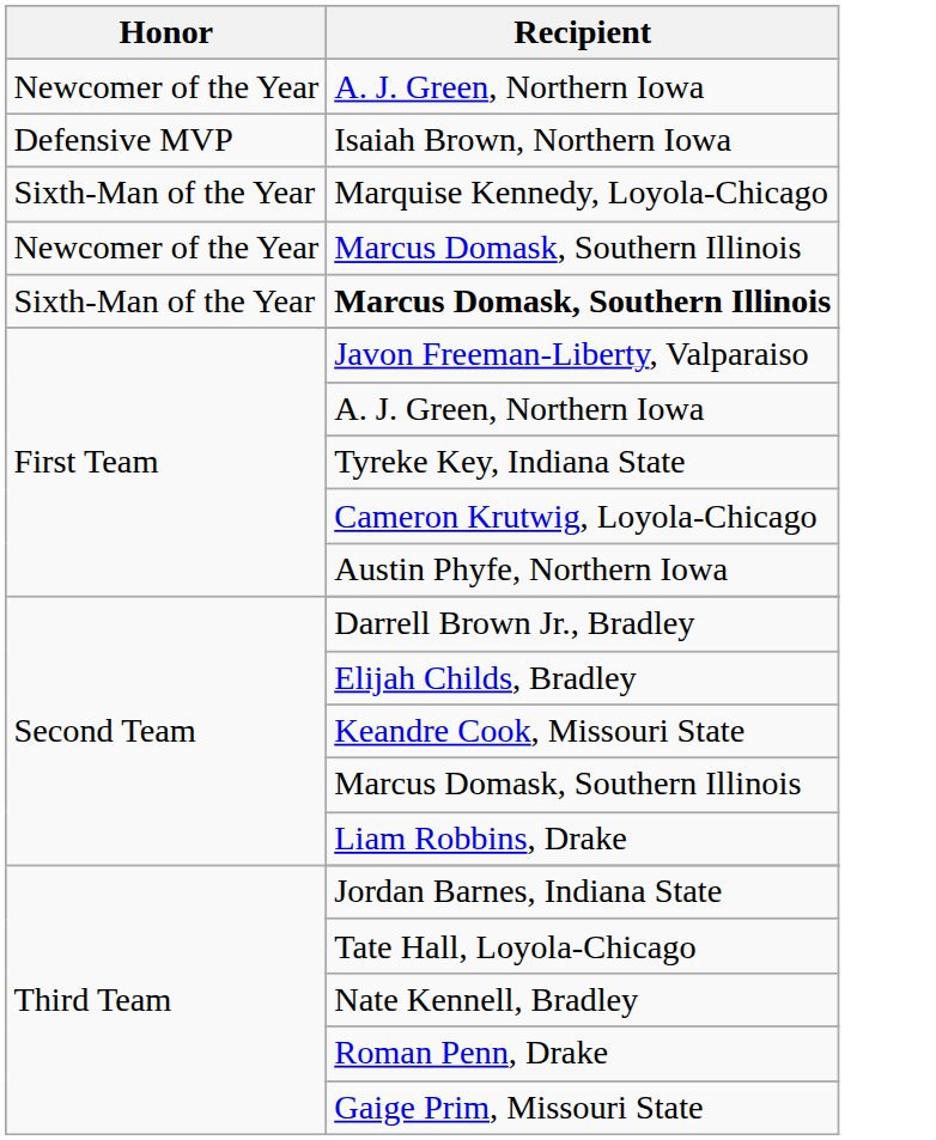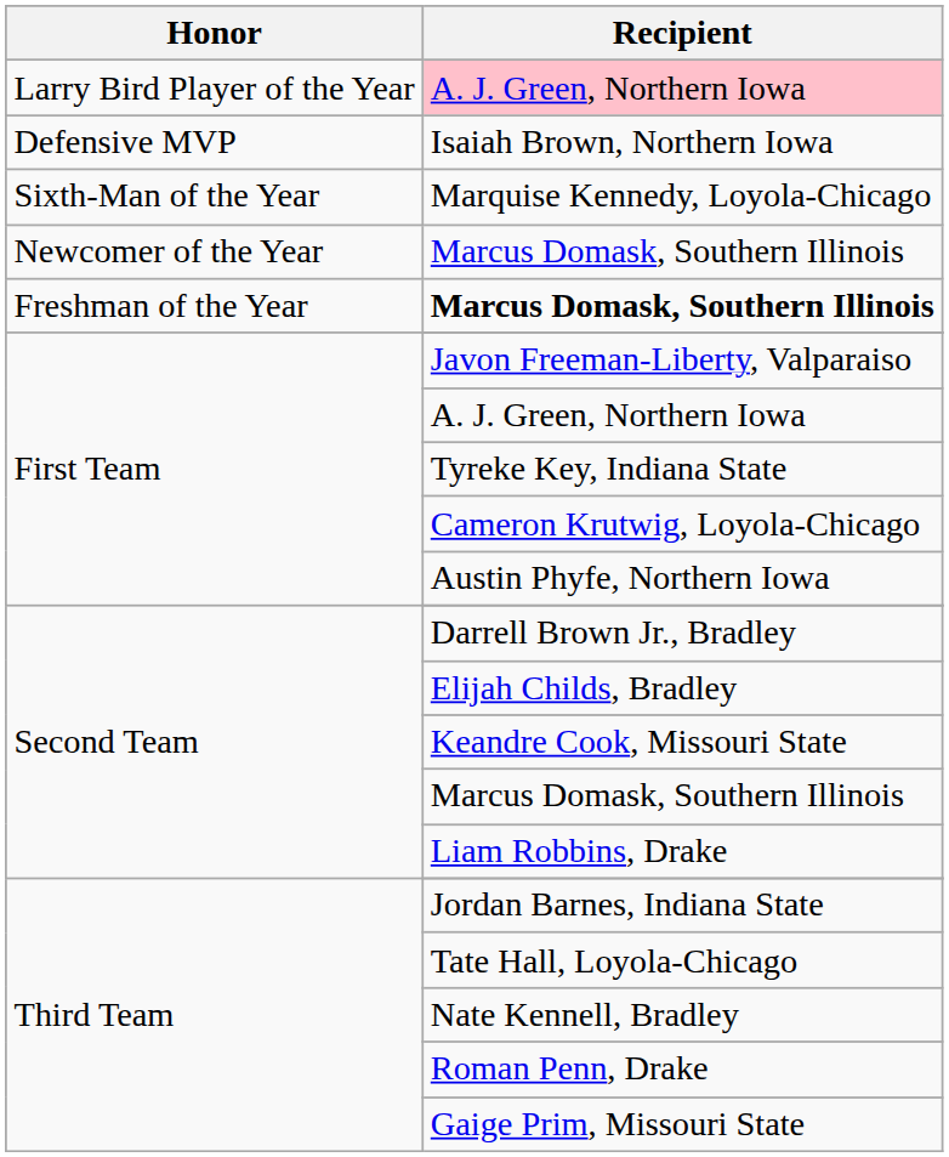 <table class="wikitable" border="1">
 <tr>
 <th>Honor</th>
 <th>Recipient</th>
 </tr>
 <tr>
-<td>Newcomer of the Year</td>
-<td><a href='#'>A. J. Green</a>, Northern Iowa</td>
+<td>Larry Bird Player of the Year</td>
+<td style="background: pink;"><a href='#'>A. J. Green</a>, Northern Iowa</td>
 </tr>
 <tr>
 <td>Defensive MVP</td>
 <td>Isaiah Brown, Northern Iowa</td>
 </tr>
 <tr>
 <td>Sixth-Man of the Year</td>
 <td>Marquise Kennedy, Loyola-Chicago</td>
 </tr>
 <tr>
 <td>Newcomer of the Year</td>
 <td><a href='#'>Marcus Domask</a>, Southern Illinois</td>
 </tr>
 <tr>
-<td>Sixth-Man of the Year</td>
+<td>Freshman of the Year</td>
 <td><strong>Marcus Domask, Southern Illinois</strong></td>
 </tr>
 <tr>
 <td rowspan="6" valign="middle">First Team</td>
 </tr>
 <tr>
 <td><a href='#'>Javon Freeman-Liberty</a>, Valparaiso</td>
 </tr>
 <tr>
 <td>A. J. Green, Northern Iowa</td>
 </tr>
 <tr>
 <td>Tyreke Key, Indiana State</td>
 </tr>
 <tr>
 <td><a href='#'>Cameron Krutwig</a>, Loyola-Chicago</td>
 </tr>
 <tr>
 <td>Austin Phyfe, Northern Iowa</td>
 </tr>
 <tr>
 <td rowspan="6" valign="middle">Second Team</td>
 </tr>
 <tr>
 <td>Darrell Brown Jr., Bradley</td>
 </tr>
 <tr>
 <td><a href='#'>Elijah Childs</a>, Bradley</td>
 </tr>
 <tr>
 <td><a href='#'>Keandre Cook</a>, Missouri State</td>
 </tr>
 <tr>
 <td>Marcus Domask, Southern Illinois</td>
 </tr>
 <tr>
 <td><a href='#'>Liam Robbins</a>, Drake</td>
 </tr>
 <tr>
 <td rowspan="6" valign="middle">Third Team</td>
 </tr>
 <tr>
 <td>Jordan Barnes, Indiana State</td>
 </tr>
 <tr>
 <td>Tate Hall, Loyola-Chicago</td>
 </tr>
 <tr>
 <td>Nate Kennell, Bradley</td>
 </tr>
 <tr>
 <td><a href='#'>Roman Penn</a>, Drake</td>
 </tr>
 <tr>
 <td><a href='#'>Gaige Prim</a>, Missouri State</td>
 </tr>
 </table>
